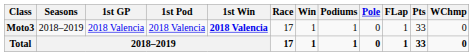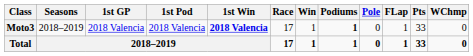 <table class="wikitable" style=text-align:right>
 <tr>
 <th>Class</th>
 <th>Seasons</th>
 <th>1st GP</th>
 <th>1st Pod</th>
 <th>1st Win</th>
 <th>Race</th>
 <th>Win</th>
 <th>Podiums</th>
 <th><a href='#'>Pole</a></th>
 <th>FLap</th>
 <th>Pts</th>
 <th>WChmp</th>
 </tr>
 <tr>
 <th>Moto3</th>
 <td>2018–2019</td>
 <td align="left"><a href='#'>2018 Valencia</a></td>
 <td align="left"><a href='#'>2018 Valencia</a></td>
 <td align="left"><strong><a href='#'>2018 Valencia</a></strong></td>
 <td>17</td>
 <td>1</td>
-<td>1</td>
+<td><strong>1</strong></td>
 <td>0</td>
 <td>1</td>
 <td>33</td>
 <td>0</td>
 </tr>
 <tr>
 <th>Total</th>
 <th colspan=4>2018–2019</th>
 <td><strong>17</strong></td>
 <td><strong>1</strong></td>
 <td><strong>1</strong></td>
 <td><strong>0</strong></td>
 <td><strong>1</strong></td>
 <td><strong>33</strong></td>
 <td><strong>0</strong></td>
 </tr>
 </table>
